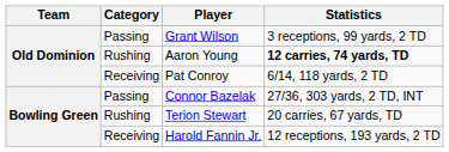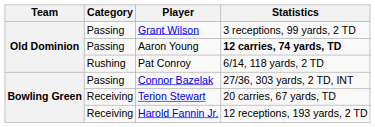 <table class="wikitable" style="float:right">
 <tr>
 <th>Team</th>
 <th>Category</th>
 <th>Player</th>
 <th>Statistics</th>
 </tr>
 <tr>
 <th rowspan=3>Old Dominion</th>
 <td>Passing</td>
 <td><a href='#'>Grant Wilson</a></td>
 <td>3 receptions, 99 yards, 2 TD</td>
 </tr>
 <tr>
-<td>Rushing</td>
+<td>Passing</td>
 <td>Aaron Young</td>
 <td><strong>12 carries, 74 yards, TD</strong></td>
 </tr>
 <tr>
-<td>Receiving</td>
+<td>Rushing</td>
 <td>Pat Conroy</td>
 <td>6/14, 118 yards, 2 TD</td>
 </tr>
 <tr>
 <th rowspan=3>Bowling Green</th>
 <td>Passing</td>
 <td><a href='#'>Connor Bazelak</a></td>
 <td>27/36, 303 yards, 2 TD, INT</td>
 </tr>
 <tr>
-<td>Rushing</td>
+<td>Receiving</td>
 <td><a href='#'>Terion Stewart</a></td>
 <td>20 carries, 67 yards, TD</td>
 </tr>
 <tr>
 <td>Receiving</td>
 <td><a href='#'>Harold Fannin Jr.</a></td>
 <td>12 receptions, 193 yards, 2 TD</td>
 </tr>
 </table>
